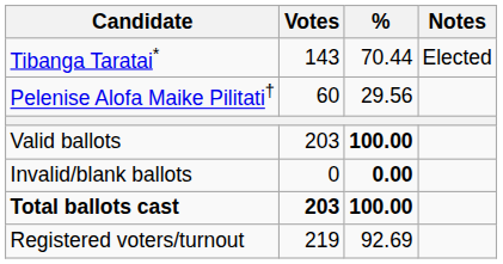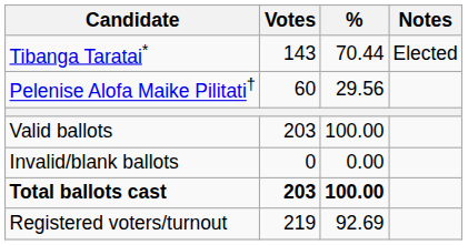 <table class=wikitable style=text-align:right>
 <tr>
 <th>Candidate</th>
 <th>Votes</th>
 <th>%</th>
 <th>Notes</th>
 </tr>
 <tr>
 <td align=left><a href='#'>Tibanga Taratai</a><sup>*</sup></td>
 <td>143</td>
 <td>70.44</td>
 <td>Elected</td>
 </tr>
 <tr>
 <td align=left><a href='#'>Pelenise Alofa Maike Pilitati</a><sup>†</sup></td>
 <td>60</td>
 <td>29.56</td>
 <td></td>
 </tr>
 <tr>
 <th colspan=6></th>
 </tr>
 <tr>
 <td align=left>Valid ballots</td>
 <td>203</td>
-<td><strong>100.00</strong></td>
+<td>100.00</td>
 <td></td>
 </tr>
 <tr>
 <td align=left>Invalid/blank ballots</td>
 <td>0</td>
-<td><strong>0.00</strong></td>
+<td>0.00</td>
 <td></td>
 </tr>
 <tr style="font-weight:bold">
 <td align=left>Total ballots cast</td>
 <td>203</td>
 <td>100.00</td>
 <td></td>
 </tr>
 <tr>
 <td align=left>Registered voters/turnout</td>
 <td>219</td>
 <td>92.69</td>
 <td></td>
 </tr>
 </table>
